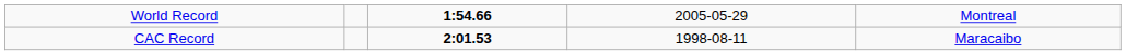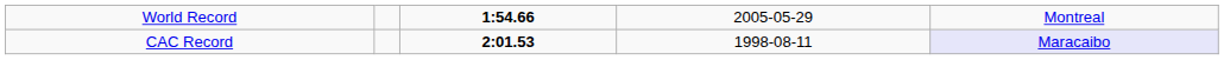 <table class="wikitable" style=" text-align:center; font-size:95%;" width="75%">
 <tr>
 <td><a href='#'>World Record</a></td>
 <td></td>
 <td><strong>1:54.66</strong></td>
 <td>2005-05-29</td>
 <td> <a href='#'>Montreal</a></td>
 </tr>
 <tr>
 <td><a href='#'>CAC Record</a></td>
 <td></td>
 <td><strong>2:01.53</strong></td>
 <td>1998-08-11</td>
-<td> <a href='#'>Maracaibo</a></td>
+<td style="background: lavender;"> <a href='#'>Maracaibo</a></td>
 </tr>
 </table>
